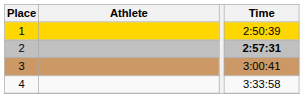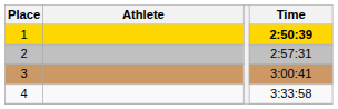 <table class="wikitable" style="text-align:center">
 <tr>
 <th>Place</th>
 <th width=250>Athlete</th>
 <th rowspan=27></th>
 <th width=100>Time</th>
 </tr>
 <tr bgcolor=gold>
 <td>1</td>
 <td align=left></td>
-<td>2:50:39</td>
+<td><strong>2:50:39</strong></td>
 </tr>
 <tr bgcolor=silver>
 <td>2</td>
 <td align=left></td>
-<td><strong>2:57:31</strong></td>
+<td>2:57:31</td>
 </tr>
 <tr bgcolor=cc9966>
 <td>3</td>
 <td align=left></td>
 <td>3:00:41</td>
 </tr>
 <tr>
 <td>4</td>
 <td align=left></td>
 <td>3:33:58</td>
 </tr>
 <tr>
 </tr>
 </table>
